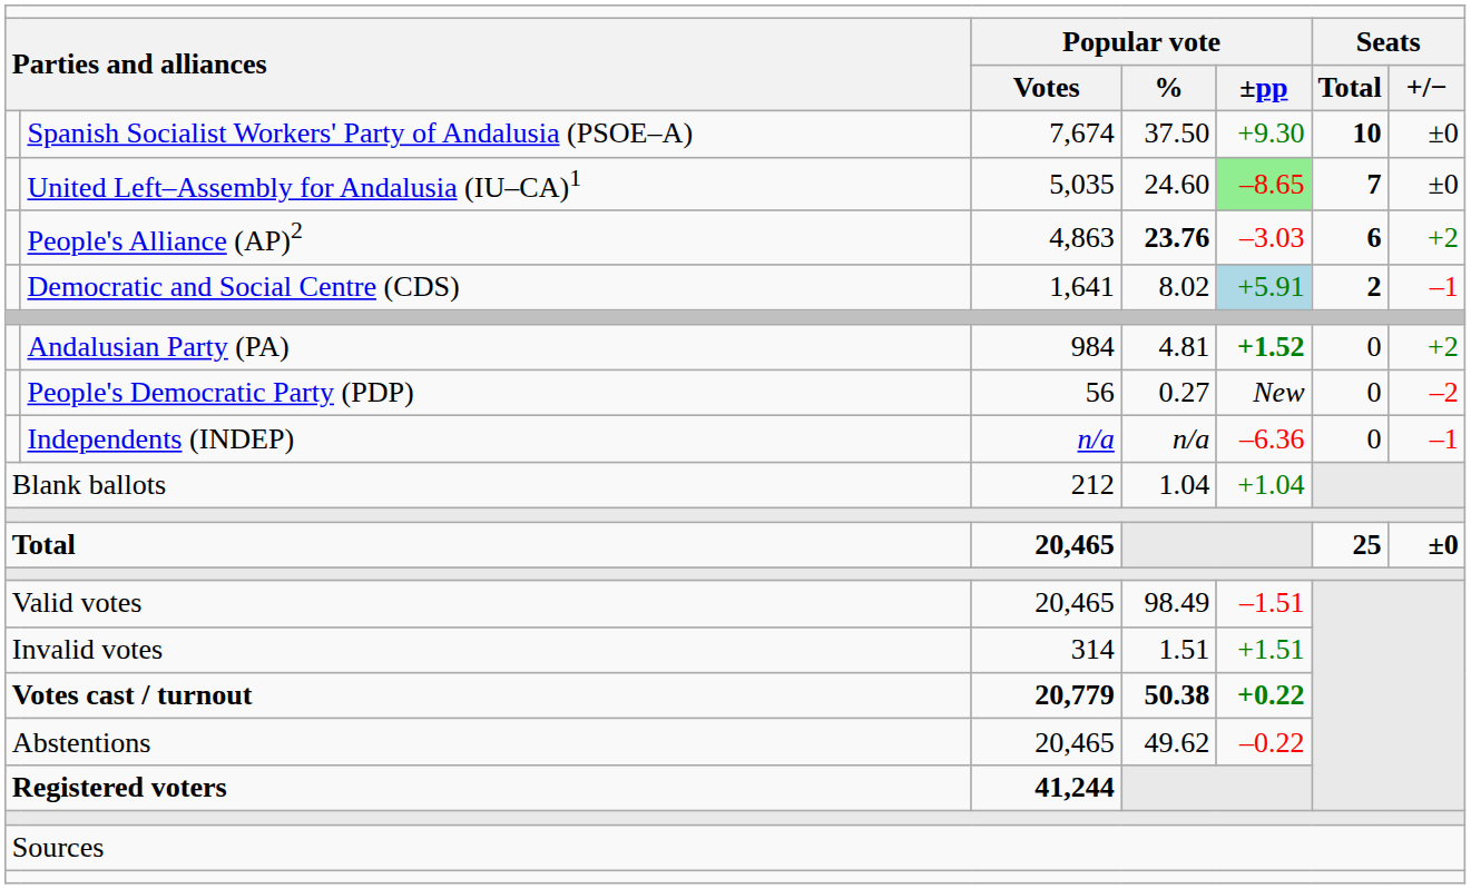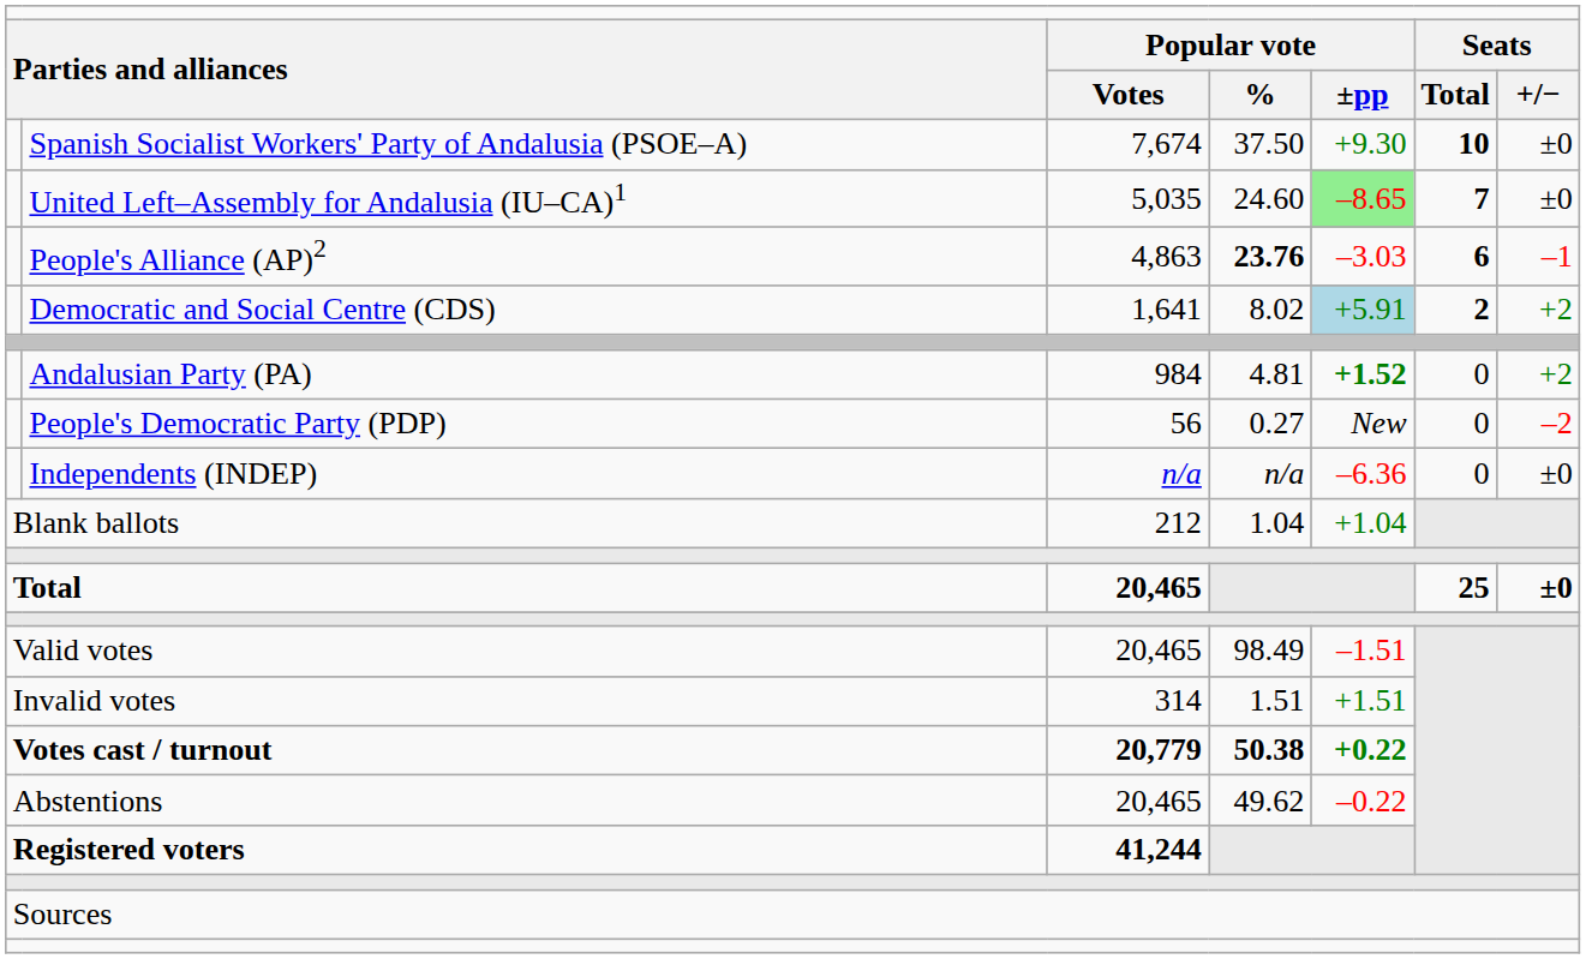 <table class="wikitable" style="text-align:right;">
 <tr>
 <td colspan="7"></td>
 </tr>
 <tr>
 <th style="text-align:left;" rowspan="2" colspan="2" width="525">Parties and alliances</th>
 <th colspan="3">Popular vote</th>
 <th colspan="2">Seats</th>
 </tr>
 <tr>
 <th width="75">Votes</th>
 <th width="45">%</th>
 <th width="45">±<a href='#'>pp</a></th>
 <th width="35">Total</th>
 <th width="35">+/−</th>
 </tr>
 <tr>
 <td width="1" style="color:inherit;background:"></td>
 <td align="left"><a href='#'>Spanish Socialist Workers' Party of Andalusia</a> (PSOE–A)</td>
 <td>7,674</td>
 <td>37.50</td>
 <td style="color:green;">+9.30</td>
 <td><strong>10</strong></td>
 <td>±0</td>
 </tr>
 <tr>
 <td style="color:inherit;background:"></td>
 <td align="left"><a href='#'>United Left–Assembly for Andalusia</a> (IU–CA)<sup>1</sup></td>
 <td>5,035</td>
 <td>24.60</td>
 <td style="background: lightgreen; color:red;">–8.65</td>
 <td><strong>7</strong></td>
 <td>±0</td>
 </tr>
 <tr>
 <td style="color:inherit;background:"></td>
 <td align="left"><a href='#'>People's Alliance</a> (AP)<sup>2</sup></td>
 <td>4,863</td>
 <td><strong>23.76</strong></td>
 <td style="color:red;">–3.03</td>
 <td><strong>6</strong></td>
-<td style="color:green;">+2</td>
+<td style="color:red;">–1</td>
 </tr>
 <tr>
 <td style="color:inherit;background:"></td>
 <td align="left"><a href='#'>Democratic and Social Centre</a> (CDS)</td>
 <td>1,641</td>
 <td>8.02</td>
 <td style="background: lightblue; color:green;">+5.91</td>
 <td><strong>2</strong></td>
-<td style="color:red;">–1</td>
+<td style="color:green;">+2</td>
 </tr>
 <tr>
 <td colspan="7" bgcolor="#C0C0C0"></td>
 </tr>
 <tr>
 <td style="color:inherit;background:"></td>
 <td align="left"><a href='#'>Andalusian Party</a> (PA)</td>
 <td>984</td>
 <td>4.81</td>
 <td style="color:green;"><strong>+1.52</strong></td>
 <td>0</td>
 <td style="color:green;">+2</td>
 </tr>
 <tr>
 <td style="color:inherit;background:"></td>
 <td align="left"><a href='#'>People's Democratic Party</a> (PDP)</td>
 <td>56</td>
 <td>0.27</td>
 <td><em>New</em></td>
 <td>0</td>
 <td style="color:red;">–2</td>
 </tr>
 <tr>
 <td style="color:inherit;background:"></td>
 <td align="left"><a href='#'>Independents</a> (INDEP)</td>
 <td><em><a href='#'>n/a</a></em></td>
 <td><em>n/a</em></td>
 <td style="color:red;">–6.36</td>
 <td>0</td>
-<td style="color:red;">–1</td>
+<td>±0</td>
 </tr>
 <tr>
 <td align="left" colspan="2">Blank ballots</td>
 <td>212</td>
 <td>1.04</td>
 <td style="color:green;">+1.04</td>
 <td bgcolor="#E9E9E9" colspan="2"></td>
 </tr>
 <tr>
 <td colspan="7" bgcolor="#E9E9E9"></td>
 </tr>
 <tr style="font-weight:bold;">
 <td align="left" colspan="2">Total</td>
 <td>20,465</td>
 <td bgcolor="#E9E9E9" colspan="2"></td>
 <td>25</td>
 <td>±0</td>
 </tr>
 <tr>
 <td colspan="7" bgcolor="#E9E9E9"></td>
 </tr>
 <tr>
 <td align="left" colspan="2">Valid votes</td>
 <td>20,465</td>
 <td>98.49</td>
 <td style="color:red;">–1.51</td>
 <td bgcolor="#E9E9E9" colspan="2" rowspan="5"></td>
 </tr>
 <tr>
 <td align="left" colspan="2">Invalid votes</td>
 <td>314</td>
 <td>1.51</td>
 <td style="color:green;">+1.51</td>
 </tr>
 <tr style="font-weight:bold;">
 <td align="left" colspan="2">Votes cast / turnout</td>
 <td>20,779</td>
 <td>50.38</td>
 <td style="color:green;">+0.22</td>
 </tr>
 <tr>
 <td align="left" colspan="2">Abstentions</td>
 <td>20,465</td>
 <td>49.62</td>
 <td style="color:red;">–0.22</td>
 </tr>
 <tr style="font-weight:bold;">
 <td align="left" colspan="2">Registered voters</td>
 <td>41,244</td>
 <td bgcolor="#E9E9E9" colspan="2"></td>
 </tr>
 <tr>
 <td colspan="7" bgcolor="#E9E9E9"></td>
 </tr>
 <tr>
 <td align="left" colspan="7">Sources</td>
 </tr>
 <tr>
 <td colspan="7" style="text-align:left; max-width:790px;"></td>
 </tr>
 </table>
